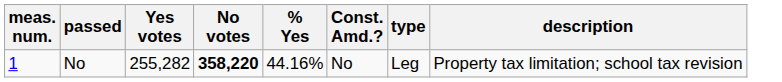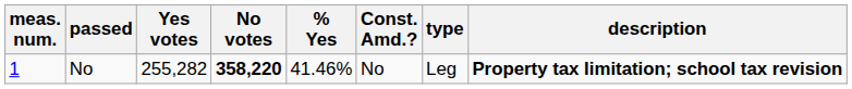 <table class="wikitable sortable">
 <tr>
 <th>meas.<br>num.</th>
 <th>passed</th>
 <th>Yes<br>votes</th>
 <th>No<br>votes</th>
 <th>%<br>Yes</th>
 <th>Const.<br>Amd.?</th>
 <th>type</th>
 <th>description</th>
 </tr>
 <tr>
 <td><a href='#'>1</a></td>
 <td>No</td>
 <td>255,282</td>
 <td><strong>358,220</strong></td>
-<td>44.16%</td>
+<td>41.46%</td>
 <td>No</td>
 <td>Leg</td>
-<td>Property tax limitation; school tax revision</td>
+<td><strong>Property tax limitation; school tax revision</strong></td>
 </tr>
 </table>
